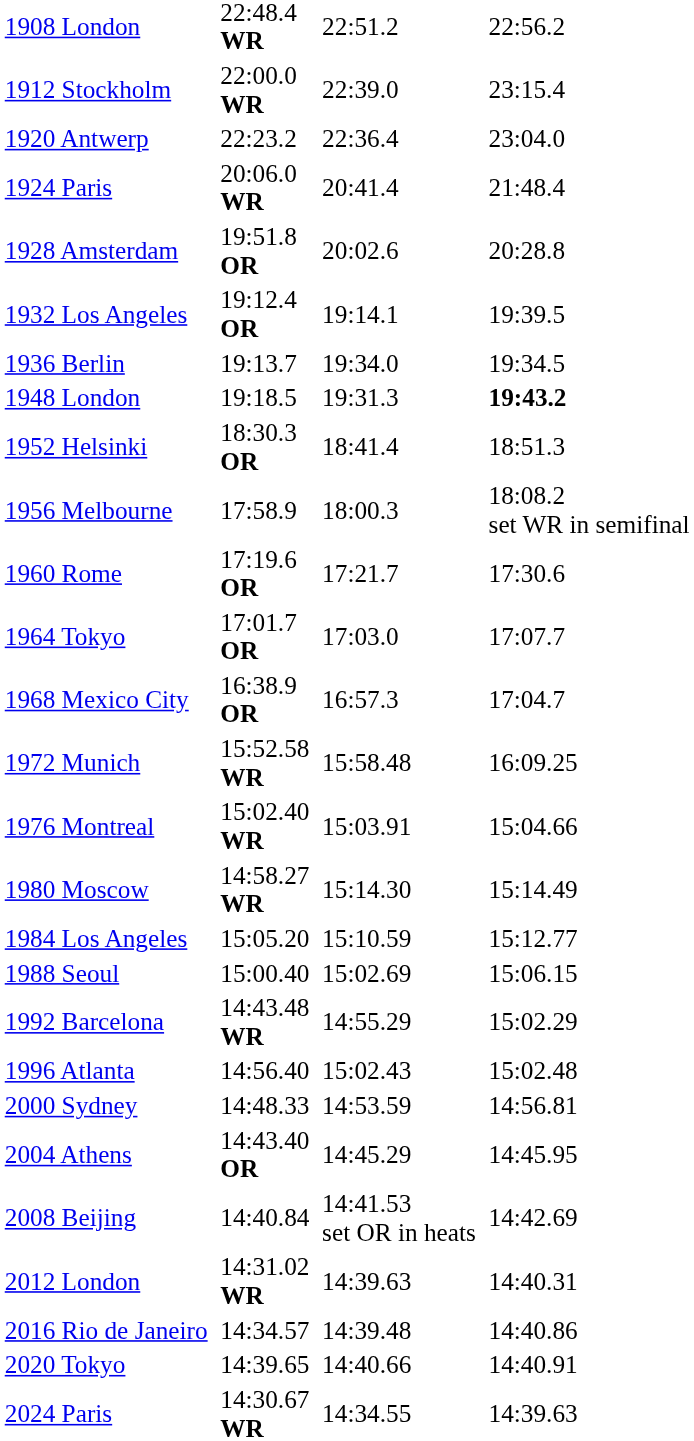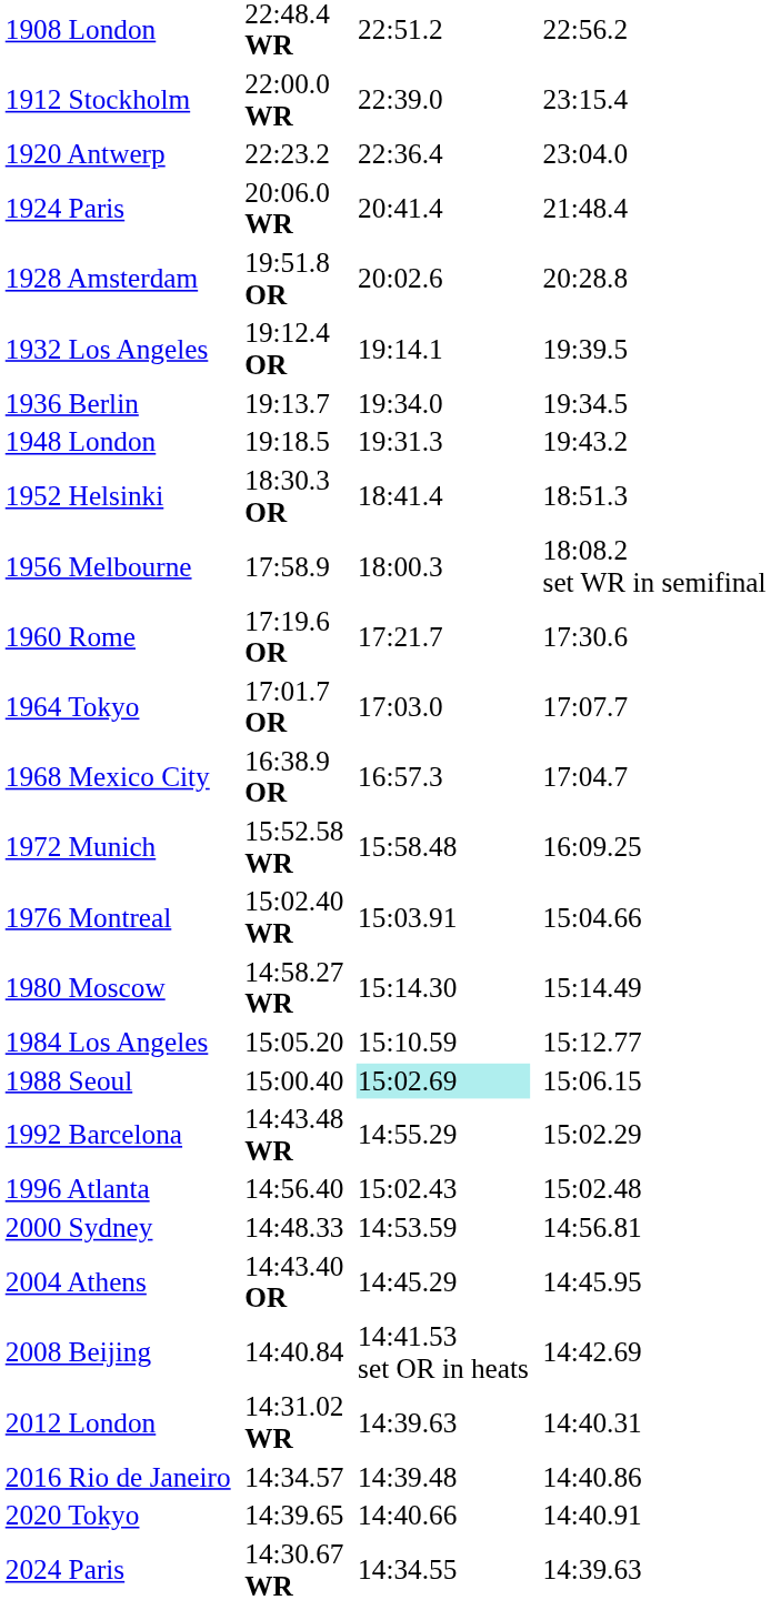 <table>
 <tr>
 <td><a href='#'>1908 London</a><br></td>
 <td></td>
 <td>22:48.4 <br> <strong>WR</strong></td>
 <td></td>
 <td>22:51.2</td>
 <td></td>
 <td>22:56.2</td>
 </tr>
 <tr>
 <td><a href='#'>1912 Stockholm</a><br></td>
 <td></td>
 <td>22:00.0 <br> <strong>WR</strong></td>
 <td></td>
 <td>22:39.0</td>
 <td></td>
 <td>23:15.4</td>
 </tr>
 <tr>
 <td><a href='#'>1920 Antwerp</a><br></td>
 <td></td>
 <td>22:23.2</td>
 <td></td>
 <td>22:36.4</td>
 <td></td>
 <td>23:04.0</td>
 </tr>
 <tr>
 <td><a href='#'>1924 Paris</a><br></td>
 <td></td>
 <td>20:06.0 <br> <strong>WR</strong></td>
 <td></td>
 <td>20:41.4</td>
 <td></td>
 <td>21:48.4</td>
 </tr>
 <tr>
 <td><a href='#'>1928 Amsterdam</a><br></td>
 <td></td>
 <td>19:51.8 <br> <strong>OR</strong></td>
 <td></td>
 <td>20:02.6</td>
 <td></td>
 <td>20:28.8</td>
 </tr>
 <tr>
 <td><a href='#'>1932 Los Angeles</a><br></td>
 <td></td>
 <td>19:12.4 <br> <strong>OR</strong></td>
 <td></td>
 <td>19:14.1</td>
 <td></td>
 <td>19:39.5</td>
 </tr>
 <tr>
 <td><a href='#'>1936 Berlin</a><br></td>
 <td></td>
 <td>19:13.7</td>
 <td></td>
 <td>19:34.0</td>
 <td></td>
 <td>19:34.5</td>
 </tr>
 <tr>
 <td><a href='#'>1948 London</a><br></td>
 <td></td>
 <td>19:18.5</td>
 <td></td>
 <td>19:31.3</td>
 <td></td>
-<td><strong>19:43.2</strong></td>
+<td>19:43.2</td>
 </tr>
 <tr>
 <td><a href='#'>1952 Helsinki</a><br></td>
 <td></td>
 <td>18:30.3 <br> <strong>OR</strong></td>
 <td></td>
 <td>18:41.4</td>
 <td></td>
 <td>18:51.3</td>
 </tr>
 <tr>
 <td><a href='#'>1956 Melbourne</a><br></td>
 <td></td>
 <td>17:58.9</td>
 <td></td>
 <td>18:00.3</td>
 <td></td>
 <td>18:08.2 <br><span>set WR in semifinal</span></td>
 </tr>
 <tr>
 <td><a href='#'>1960 Rome</a><br></td>
 <td></td>
 <td>17:19.6 <br> <strong>OR</strong></td>
 <td></td>
 <td>17:21.7</td>
 <td></td>
 <td>17:30.6</td>
 </tr>
 <tr>
 <td><a href='#'>1964 Tokyo</a><br></td>
 <td></td>
 <td>17:01.7 <br> <strong>OR</strong></td>
 <td></td>
 <td>17:03.0</td>
 <td></td>
 <td>17:07.7</td>
 </tr>
 <tr>
 <td><a href='#'>1968 Mexico City</a><br></td>
 <td></td>
 <td>16:38.9 <br> <strong>OR</strong></td>
 <td></td>
 <td>16:57.3</td>
 <td></td>
 <td>17:04.7</td>
 </tr>
 <tr>
 <td><a href='#'>1972 Munich</a><br></td>
 <td></td>
 <td>15:52.58 <br> <strong>WR</strong></td>
 <td></td>
 <td>15:58.48</td>
 <td></td>
 <td>16:09.25</td>
 </tr>
 <tr>
 <td><a href='#'>1976 Montreal</a><br></td>
 <td></td>
 <td>15:02.40 <br> <strong>WR</strong></td>
 <td></td>
 <td>15:03.91</td>
 <td></td>
 <td>15:04.66</td>
 </tr>
 <tr>
 <td><a href='#'>1980 Moscow</a><br></td>
 <td></td>
 <td>14:58.27 <br> <strong>WR</strong></td>
 <td></td>
 <td>15:14.30</td>
 <td></td>
 <td>15:14.49</td>
 </tr>
 <tr>
 <td><a href='#'>1984 Los Angeles</a><br></td>
 <td></td>
 <td>15:05.20</td>
 <td></td>
 <td>15:10.59</td>
 <td></td>
 <td>15:12.77</td>
 </tr>
 <tr>
 <td><a href='#'>1988 Seoul</a><br></td>
 <td></td>
 <td>15:00.40</td>
 <td></td>
-<td>15:02.69</td>
+<td style="background: paleturquoise;">15:02.69</td>
 <td></td>
 <td>15:06.15</td>
 </tr>
 <tr>
 <td><a href='#'>1992 Barcelona</a><br></td>
 <td></td>
 <td>14:43.48 <br> <strong>WR</strong></td>
 <td></td>
 <td>14:55.29</td>
 <td></td>
 <td>15:02.29</td>
 </tr>
 <tr>
 <td><a href='#'>1996 Atlanta</a><br></td>
 <td></td>
 <td>14:56.40</td>
 <td></td>
 <td>15:02.43</td>
 <td></td>
 <td>15:02.48</td>
 </tr>
 <tr>
 <td><a href='#'>2000 Sydney</a><br></td>
 <td></td>
 <td>14:48.33</td>
 <td></td>
 <td>14:53.59</td>
 <td></td>
 <td>14:56.81</td>
 </tr>
 <tr>
 <td><a href='#'>2004 Athens</a><br></td>
 <td></td>
 <td>14:43.40 <br> <strong>OR</strong></td>
 <td></td>
 <td>14:45.29</td>
 <td></td>
 <td>14:45.95</td>
 </tr>
 <tr>
 <td><a href='#'>2008 Beijing</a><br></td>
 <td></td>
 <td>14:40.84</td>
 <td></td>
 <td>14:41.53 <br><span>set OR in heats</span></td>
 <td></td>
 <td>14:42.69</td>
 </tr>
 <tr>
 <td><a href='#'>2012 London</a><br></td>
 <td></td>
 <td>14:31.02 <br> <strong>WR</strong></td>
 <td></td>
 <td>14:39.63</td>
 <td></td>
 <td>14:40.31</td>
 </tr>
 <tr>
 <td><a href='#'>2016 Rio de Janeiro</a><br></td>
 <td></td>
 <td>14:34.57</td>
 <td></td>
 <td>14:39.48</td>
 <td></td>
 <td>14:40.86</td>
 </tr>
 <tr>
 <td><a href='#'>2020 Tokyo</a><br></td>
 <td></td>
 <td>14:39.65</td>
 <td></td>
 <td>14:40.66</td>
 <td></td>
 <td>14:40.91</td>
 </tr>
 <tr>
 <td><a href='#'>2024 Paris</a><br></td>
 <td></td>
 <td>14:30.67 <br> <strong>WR</strong></td>
 <td></td>
 <td>14:34.55</td>
 <td></td>
 <td>14:39.63</td>
 </tr>
 <tr>
 </tr>
 </table>
